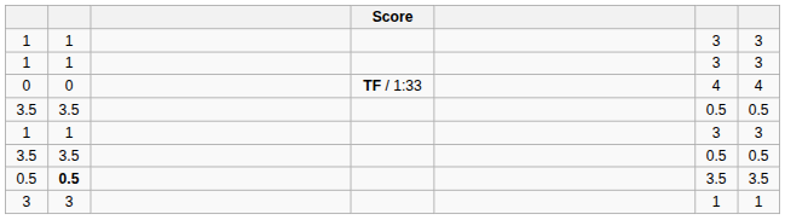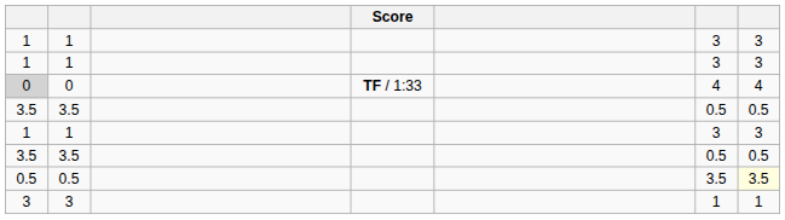 <table class="wikitable" style="text-align: center; font-size:90%" |>
 <tr>
 <th width="35"></th>
 <th width="35"></th>
 <th width="250"></th>
 <th width="75">Score</th>
 <th width="250"></th>
 <th width="35"></th>
 <th width="35"></th>
 </tr>
 <tr>
 <td>1</td>
 <td>1</td>
 <td style="text-align:left;"><strong></strong></td>
 <td></td>
 <td style="text-align:left;"></td>
 <td>3</td>
 <td>3</td>
 </tr>
 <tr>
 <td>1</td>
 <td>1</td>
 <td style="text-align:left;"><strong></strong></td>
 <td></td>
 <td style="text-align:left;"></td>
 <td>3</td>
 <td>3</td>
 </tr>
 <tr>
-<td>0</td>
+<td style="background: lightgrey;">0</td>
 <td>0</td>
 <td style="text-align:left;"><strong></strong></td>
 <td><strong>TF</strong> / 1:33</td>
 <td style="text-align:left;"></td>
 <td>4</td>
 <td>4</td>
 </tr>
 <tr>
 <td>3.5</td>
 <td>3.5</td>
 <td style="text-align:left;"></td>
 <td></td>
 <td style="text-align:left;"><strong></strong></td>
 <td>0.5</td>
 <td>0.5</td>
 </tr>
 <tr>
 <td>1</td>
 <td>1</td>
 <td style="text-align:left;"><strong></strong></td>
 <td></td>
 <td style="text-align:left;"></td>
 <td>3</td>
 <td>3</td>
 </tr>
 <tr>
 <td>3.5</td>
 <td>3.5</td>
 <td style="text-align:left;"></td>
 <td></td>
 <td style="text-align:left;"><strong></strong></td>
 <td>0.5</td>
 <td>0.5</td>
 </tr>
 <tr>
 <td>0.5</td>
-<td><strong>0.5</strong></td>
+<td>0.5</td>
 <td style="text-align:left;"><strong></strong></td>
 <td></td>
 <td style="text-align:left;"></td>
 <td>3.5</td>
-<td>3.5</td>
+<td style="background: lightyellow;">3.5</td>
 </tr>
 <tr>
 <td>3</td>
 <td>3</td>
 <td style="text-align:left;"></td>
 <td></td>
 <td style="text-align:left;"><strong></strong></td>
 <td>1</td>
 <td>1</td>
 </tr>
 </table>
